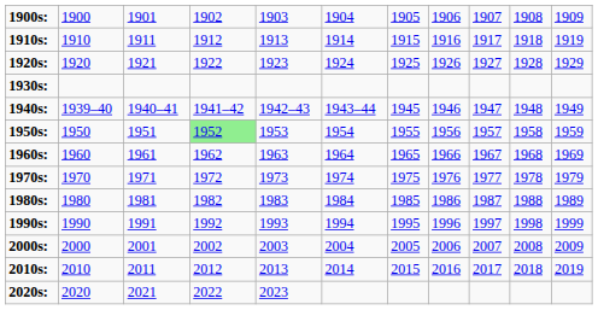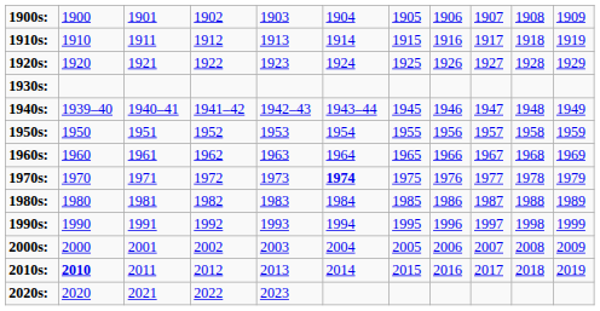 <table class="wikitable" style="width: 650px;">
 <tr>
 <td><strong>1900s:</strong></td>
 <td><a href='#'>1900</a></td>
 <td><a href='#'>1901</a></td>
 <td><a href='#'>1902</a></td>
 <td><a href='#'>1903</a></td>
 <td><a href='#'>1904</a></td>
 <td><a href='#'>1905</a></td>
 <td><a href='#'>1906</a></td>
 <td><a href='#'>1907</a></td>
 <td><a href='#'>1908</a></td>
 <td><a href='#'>1909</a></td>
 </tr>
 <tr>
 <td><strong>1910s:</strong></td>
 <td><a href='#'>1910</a></td>
 <td><a href='#'>1911</a></td>
 <td><a href='#'>1912</a></td>
 <td><a href='#'>1913</a></td>
 <td><a href='#'>1914</a></td>
 <td><a href='#'>1915</a></td>
 <td><a href='#'>1916</a></td>
 <td><a href='#'>1917</a></td>
 <td><a href='#'>1918</a></td>
 <td><a href='#'>1919</a></td>
 </tr>
 <tr>
 <td><strong>1920s:</strong></td>
 <td><a href='#'>1920</a></td>
 <td><a href='#'>1921</a></td>
 <td><a href='#'>1922</a></td>
 <td><a href='#'>1923</a></td>
 <td><a href='#'>1924</a></td>
 <td><a href='#'>1925</a></td>
 <td><a href='#'>1926</a></td>
 <td><a href='#'>1927</a></td>
 <td><a href='#'>1928</a></td>
 <td><a href='#'>1929</a></td>
 </tr>
 <tr>
 <td><strong>1930s:</strong></td>
 <td></td>
 <td></td>
 <td></td>
 <td></td>
 <td></td>
 <td></td>
 <td></td>
 <td></td>
 <td></td>
 <td></td>
 </tr>
 <tr>
 <td><strong>1940s:</strong></td>
 <td><a href='#'>1939–40</a></td>
 <td><a href='#'>1940–41</a></td>
 <td><a href='#'>1941–42</a></td>
 <td><a href='#'>1942–43</a></td>
 <td><a href='#'>1943–44</a></td>
 <td><a href='#'>1945</a></td>
 <td><a href='#'>1946</a></td>
 <td><a href='#'>1947</a></td>
 <td><a href='#'>1948</a></td>
 <td><a href='#'>1949</a></td>
 </tr>
 <tr>
 <td><strong>1950s:</strong></td>
 <td><a href='#'>1950</a></td>
 <td><a href='#'>1951</a></td>
-<td style="background: lightgreen;"><a href='#'>1952</a></td>
+<td><a href='#'>1952</a></td>
 <td><a href='#'>1953</a></td>
 <td><a href='#'>1954</a></td>
 <td><a href='#'>1955</a></td>
 <td><a href='#'>1956</a></td>
 <td><a href='#'>1957</a></td>
 <td><a href='#'>1958</a></td>
 <td><a href='#'>1959</a></td>
 </tr>
 <tr>
 <td><strong>1960s:</strong></td>
 <td><a href='#'>1960</a></td>
 <td><a href='#'>1961</a></td>
 <td><a href='#'>1962</a></td>
 <td><a href='#'>1963</a></td>
 <td><a href='#'>1964</a></td>
 <td><a href='#'>1965</a></td>
 <td><a href='#'>1966</a></td>
 <td><a href='#'>1967</a></td>
 <td><a href='#'>1968</a></td>
 <td><a href='#'>1969</a></td>
 </tr>
 <tr>
 <td><strong>1970s:</strong></td>
 <td><a href='#'>1970</a></td>
 <td><a href='#'>1971</a></td>
 <td><a href='#'>1972</a></td>
 <td><a href='#'>1973</a></td>
-<td><a href='#'>1974</a></td>
+<td><strong><a href='#'>1974</a></strong></td>
 <td><a href='#'>1975</a></td>
 <td><a href='#'>1976</a></td>
 <td><a href='#'>1977</a></td>
 <td><a href='#'>1978</a></td>
 <td><a href='#'>1979</a></td>
 </tr>
 <tr>
 <td><strong>1980s:</strong></td>
 <td><a href='#'>1980</a></td>
 <td><a href='#'>1981</a></td>
 <td><a href='#'>1982</a></td>
 <td><a href='#'>1983</a></td>
 <td><a href='#'>1984</a></td>
 <td><a href='#'>1985</a></td>
 <td><a href='#'>1986</a></td>
 <td><a href='#'>1987</a></td>
 <td><a href='#'>1988</a></td>
 <td><a href='#'>1989</a></td>
 </tr>
 <tr>
 <td><strong>1990s:</strong></td>
 <td><a href='#'>1990</a></td>
 <td><a href='#'>1991</a></td>
 <td><a href='#'>1992</a></td>
 <td><a href='#'>1993</a></td>
 <td><a href='#'>1994</a></td>
 <td><a href='#'>1995</a></td>
 <td><a href='#'>1996</a></td>
 <td><a href='#'>1997</a></td>
 <td><a href='#'>1998</a></td>
 <td><a href='#'>1999</a></td>
 </tr>
 <tr>
 <td><strong>2000s:</strong></td>
 <td><a href='#'>2000</a></td>
 <td><a href='#'>2001</a></td>
 <td><a href='#'>2002</a></td>
 <td><a href='#'>2003</a></td>
 <td><a href='#'>2004</a></td>
 <td><a href='#'>2005</a></td>
 <td><a href='#'>2006</a></td>
 <td><a href='#'>2007</a></td>
 <td><a href='#'>2008</a></td>
 <td><a href='#'>2009</a></td>
 </tr>
 <tr>
 <td><strong>2010s:</strong></td>
-<td><a href='#'>2010</a></td>
+<td><strong><a href='#'>2010</a></strong></td>
 <td><a href='#'>2011</a></td>
 <td><a href='#'>2012</a></td>
 <td><a href='#'>2013</a></td>
 <td><a href='#'>2014</a></td>
 <td><a href='#'>2015</a></td>
 <td><a href='#'>2016</a></td>
 <td><a href='#'>2017</a></td>
 <td><a href='#'>2018</a></td>
 <td><a href='#'>2019</a></td>
 </tr>
 <tr>
 <td><strong>2020s:</strong></td>
 <td><a href='#'>2020</a></td>
 <td><a href='#'>2021</a></td>
 <td><a href='#'>2022</a></td>
 <td><a href='#'>2023</a></td>
 <td></td>
 <td></td>
 <td></td>
 <td></td>
 <td></td>
 <td></td>
 </tr>
 </table>
